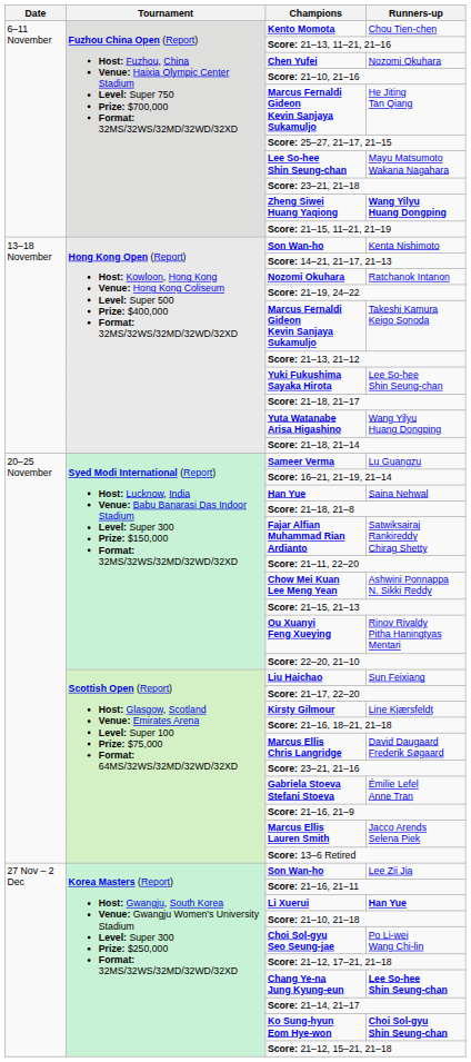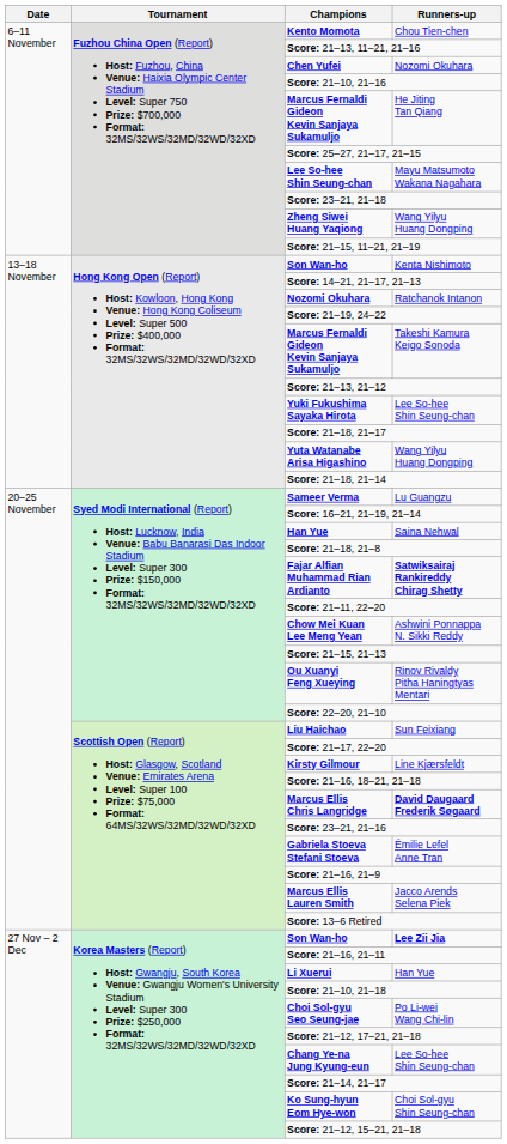 <table class=wikitable style=font-size:80%>
 <tr>
 <th width=110>Date</th>
 <th width=330>Tournament</th>
 <th width=250>Champions</th>
 <th width=250>Runners-up</th>
 </tr>
 <tr valign=top>
 <td rowspan=10>6–11 November</td>
 <td style="background:#DEDEDC;" rowspan="10"><br><strong><a href='#'>Fuzhou China Open</a></strong> (<a href='#'>Report</a>)<ul><li><strong>Host:</strong> <a href='#'>Fuzhou</a>, <a href='#'>China</a></li><li><strong>Venue:</strong> <a href='#'>Haixia Olympic Center Stadium</a></li><li><strong>Level:</strong> Super 750</li><li><strong>Prize:</strong> $700,000</li><li><strong>Format:</strong> 32MS/32WS/32MD/32WD/32XD</li></ul></td>
 <td><strong> <a href='#'>Kento Momota</a></strong></td>
 <td> <a href='#'>Chou Tien-chen</a></td>
 </tr>
 <tr>
 <td colspan=2><strong>Score:</strong> 21–13, 11–21, 21–16</td>
 </tr>
 <tr valign=top>
 <td><strong> <a href='#'>Chen Yufei</a></strong></td>
 <td> <a href='#'>Nozomi Okuhara</a></td>
 </tr>
 <tr>
 <td colspan=2><strong>Score:</strong> 21–10, 21–16</td>
 </tr>
 <tr valign=top>
 <td><strong> <a href='#'>Marcus Fernaldi Gideon</a><br> <a href='#'>Kevin Sanjaya Sukamuljo</a></strong></td>
 <td> <a href='#'>He Jiting</a><br> <a href='#'>Tan Qiang</a></td>
 </tr>
 <tr>
 <td colspan=2><strong>Score:</strong> 25–27, 21–17, 21–15</td>
 </tr>
 <tr valign=top>
 <td><strong> <a href='#'>Lee So-hee</a><br> <a href='#'>Shin Seung-chan</a></strong></td>
 <td> <a href='#'>Mayu Matsumoto</a><br> <a href='#'>Wakana Nagahara</a></td>
 </tr>
 <tr>
 <td colspan=2><strong>Score:</strong> 23–21, 21–18</td>
 </tr>
 <tr valign=top>
 <td><strong> <a href='#'>Zheng Siwei</a><br> <a href='#'>Huang Yaqiong</a></strong></td>
-<td><strong> <a href='#'>Wang Yilyu</a><br> <a href='#'>Huang Dongping</a></strong></td>
+<td> <a href='#'>Wang Yilyu</a><br> <a href='#'>Huang Dongping</a></td>
 </tr>
 <tr>
 <td colspan=2><strong>Score:</strong> 21–15, 11–21, 21–19</td>
 </tr>
 <tr valign=top>
 <td rowspan=10>13–18 November</td>
 <td style="background:#E9E9E9;" rowspan="10"><br><strong><a href='#'>Hong Kong Open</a></strong> (<a href='#'>Report</a>)<ul><li><strong>Host:</strong> <a href='#'>Kowloon</a>, <a href='#'>Hong Kong</a></li><li><strong>Venue:</strong> <a href='#'>Hong Kong Coliseum</a></li><li><strong>Level:</strong> Super 500</li><li><strong>Prize:</strong> $400,000</li><li><strong>Format:</strong> 32MS/32WS/32MD/32WD/32XD</li></ul></td>
 <td><strong> <a href='#'>Son Wan-ho</a></strong></td>
 <td> <a href='#'>Kenta Nishimoto</a></td>
 </tr>
 <tr>
 <td colspan=2><strong>Score:</strong> 14–21, 21–17, 21–13</td>
 </tr>
 <tr valign=top>
 <td><strong> <a href='#'>Nozomi Okuhara</a></strong></td>
 <td> <a href='#'>Ratchanok Intanon</a></td>
 </tr>
 <tr>
 <td colspan=2><strong>Score:</strong> 21–19, 24–22</td>
 </tr>
 <tr valign=top>
 <td><strong> <a href='#'>Marcus Fernaldi Gideon</a><br> <a href='#'>Kevin Sanjaya Sukamuljo</a></strong></td>
 <td> <a href='#'>Takeshi Kamura</a><br> <a href='#'>Keigo Sonoda</a></td>
 </tr>
 <tr>
 <td colspan=2><strong>Score:</strong> 21–13, 21–12</td>
 </tr>
 <tr valign=top>
 <td><strong> <a href='#'>Yuki Fukushima</a><br> <a href='#'>Sayaka Hirota</a></strong></td>
 <td> <a href='#'>Lee So-hee</a><br> <a href='#'>Shin Seung-chan</a></td>
 </tr>
 <tr>
 <td colspan=2><strong>Score:</strong> 21–18, 21–17</td>
 </tr>
 <tr valign=top>
 <td><strong> <a href='#'>Yuta Watanabe</a><br> <a href='#'>Arisa Higashino</a></strong></td>
 <td> <a href='#'>Wang Yilyu</a><br> <a href='#'>Huang Dongping</a></td>
 </tr>
 <tr>
 <td colspan=2><strong>Score:</strong> 21–18, 21–14</td>
 </tr>
 <tr valign=top>
 <td rowspan=20>20–25 November</td>
 <td style="background:#C7F2D5;" rowspan="10"><br><strong><a href='#'>Syed Modi International</a></strong> (<a href='#'>Report</a>)<ul><li><strong>Host:</strong> <a href='#'>Lucknow</a>, <a href='#'>India</a></li><li><strong>Venue:</strong> <a href='#'>Babu Banarasi Das Indoor Stadium</a></li><li><strong>Level:</strong> Super 300</li><li><strong>Prize:</strong> $150,000</li><li><strong>Format:</strong> 32MS/32WS/32MD/32WD/32XD</li></ul></td>
 <td><strong> <a href='#'>Sameer Verma</a></strong></td>
 <td> <a href='#'>Lu Guangzu</a></td>
 </tr>
 <tr>
 <td colspan=2><strong>Score:</strong> 16–21, 21–19, 21–14</td>
 </tr>
 <tr valign=top>
 <td><strong> <a href='#'>Han Yue</a></strong></td>
 <td> <a href='#'>Saina Nehwal</a></td>
 </tr>
 <tr>
 <td colspan=2><strong>Score:</strong> 21–18, 21–8</td>
 </tr>
 <tr valign=top>
 <td><strong> <a href='#'>Fajar Alfian</a><br> <a href='#'>Muhammad Rian Ardianto</a></strong></td>
-<td> <a href='#'>Satwiksairaj Rankireddy</a><br> <a href='#'>Chirag Shetty</a></td>
+<td><strong> <a href='#'>Satwiksairaj Rankireddy</a><br> <a href='#'>Chirag Shetty</a></strong></td>
 </tr>
 <tr>
 <td colspan=2><strong>Score:</strong> 21–11, 22–20</td>
 </tr>
 <tr valign=top>
 <td><strong> <a href='#'>Chow Mei Kuan</a><br> <a href='#'>Lee Meng Yean</a></strong></td>
 <td> <a href='#'>Ashwini Ponnappa</a><br> <a href='#'>N. Sikki Reddy</a></td>
 </tr>
 <tr>
 <td colspan=2><strong>Score:</strong> 21–15, 21–13</td>
 </tr>
 <tr valign=top>
 <td><strong> <a href='#'>Ou Xuanyi</a><br> <a href='#'>Feng Xueying</a></strong></td>
 <td> <a href='#'>Rinov Rivaldy</a><br> <a href='#'>Pitha Haningtyas Mentari</a></td>
 </tr>
 <tr>
 <td colspan=2><strong>Score:</strong> 22–20, 21–10</td>
 </tr>
 <tr valign=top>
 <td style="background:#D4F1C5;" rowspan="10"><br><strong><a href='#'>Scottish Open</a></strong> (<a href='#'>Report</a>)<ul><li><strong>Host:</strong> <a href='#'>Glasgow</a>, <a href='#'>Scotland</a></li><li><strong>Venue:</strong> <a href='#'>Emirates Arena</a></li><li><strong>Level:</strong> Super 100</li><li><strong>Prize:</strong> $75,000</li><li><strong>Format:</strong> 64MS/32WS/32MD/32WD/32XD</li></ul></td>
 <td><strong> <a href='#'>Liu Haichao</a></strong></td>
 <td> <a href='#'>Sun Feixiang</a></td>
 </tr>
 <tr>
 <td colspan=2><strong>Score:</strong> 21–17, 22–20</td>
 </tr>
 <tr valign=top>
 <td><strong> <a href='#'>Kirsty Gilmour</a></strong></td>
 <td> <a href='#'>Line Kjærsfeldt</a></td>
 </tr>
 <tr>
 <td colspan=2><strong>Score:</strong> 21–16, 18–21, 21–18</td>
 </tr>
 <tr valign=top>
 <td><strong> <a href='#'>Marcus Ellis</a><br> <a href='#'>Chris Langridge</a></strong></td>
-<td> <a href='#'>David Daugaard</a><br> <a href='#'>Frederik Søgaard</a></td>
+<td><strong> <a href='#'>David Daugaard</a><br> <a href='#'>Frederik Søgaard</a></strong></td>
 </tr>
 <tr>
 <td colspan=2><strong>Score:</strong> 23–21, 21–16</td>
 </tr>
 <tr valign=top>
 <td><strong> <a href='#'>Gabriela Stoeva</a><br> <a href='#'>Stefani Stoeva</a></strong></td>
 <td> <a href='#'>Émilie Lefel</a><br> <a href='#'>Anne Tran</a></td>
 </tr>
 <tr>
 <td colspan=2><strong>Score:</strong> 21–16, 21–9</td>
 </tr>
 <tr valign=top>
 <td><strong> <a href='#'>Marcus Ellis</a><br> <a href='#'>Lauren Smith</a></strong></td>
 <td> <a href='#'>Jacco Arends</a><br> <a href='#'>Selena Piek</a></td>
 </tr>
 <tr>
 <td colspan=2><strong>Score:</strong> 13–6 Retired</td>
 </tr>
 <tr valign=top>
 <td rowspan=10>27 Nov – 2 Dec</td>
 <td style="background:#C7F2D5;" rowspan="10"><br><strong><a href='#'>Korea Masters</a></strong> (<a href='#'>Report</a>)<ul><li><strong>Host:</strong> <a href='#'>Gwangju</a>, <a href='#'>South Korea</a></li><li><strong>Venue:</strong> Gwangju Women's University Stadium</li><li><strong>Level:</strong> Super 300</li><li><strong>Prize:</strong> $250,000</li><li><strong>Format:</strong> 32MS/32WS/32MD/32WD/32XD</li></ul></td>
 <td><strong> <a href='#'>Son Wan-ho</a></strong></td>
-<td> <a href='#'>Lee Zii Jia</a></td>
+<td><strong> <a href='#'>Lee Zii Jia</a></strong></td>
 </tr>
 <tr>
 <td colspan=2><strong>Score:</strong> 21–16, 21–11</td>
 </tr>
 <tr valign=top>
 <td><strong> <a href='#'>Li Xuerui</a></strong></td>
-<td><strong> <a href='#'>Han Yue</a></strong></td>
+<td> <a href='#'>Han Yue</a></td>
 </tr>
 <tr>
 <td colspan=2><strong>Score:</strong> 21–10, 21–18</td>
 </tr>
 <tr valign=top>
 <td><strong> <a href='#'>Choi Sol-gyu</a><br> <a href='#'>Seo Seung-jae</a></strong></td>
 <td> <a href='#'>Po Li-wei</a><br> <a href='#'>Wang Chi-lin</a></td>
 </tr>
 <tr>
 <td colspan=2><strong>Score:</strong> 21–12, 17–21, 21–18</td>
 </tr>
 <tr valign=top>
 <td><strong> <a href='#'>Chang Ye-na</a><br> <a href='#'>Jung Kyung-eun</a></strong></td>
-<td><strong> <a href='#'>Lee So-hee</a><br> <a href='#'>Shin Seung-chan</a></strong></td>
+<td> <a href='#'>Lee So-hee</a><br> <a href='#'>Shin Seung-chan</a></td>
 </tr>
 <tr>
 <td colspan=2><strong>Score:</strong> 21–14, 21–17</td>
 </tr>
 <tr valign=top>
 <td><strong> <a href='#'>Ko Sung-hyun</a><br> <a href='#'>Eom Hye-won</a></strong></td>
-<td><strong> <a href='#'>Choi Sol-gyu</a><br> <a href='#'>Shin Seung-chan</a></strong></td>
+<td> <a href='#'>Choi Sol-gyu</a><br> <a href='#'>Shin Seung-chan</a></td>
 </tr>
 <tr>
 <td colspan=2><strong>Score:</strong> 21–12, 15–21, 21–18</td>
 </tr>
 </table>
